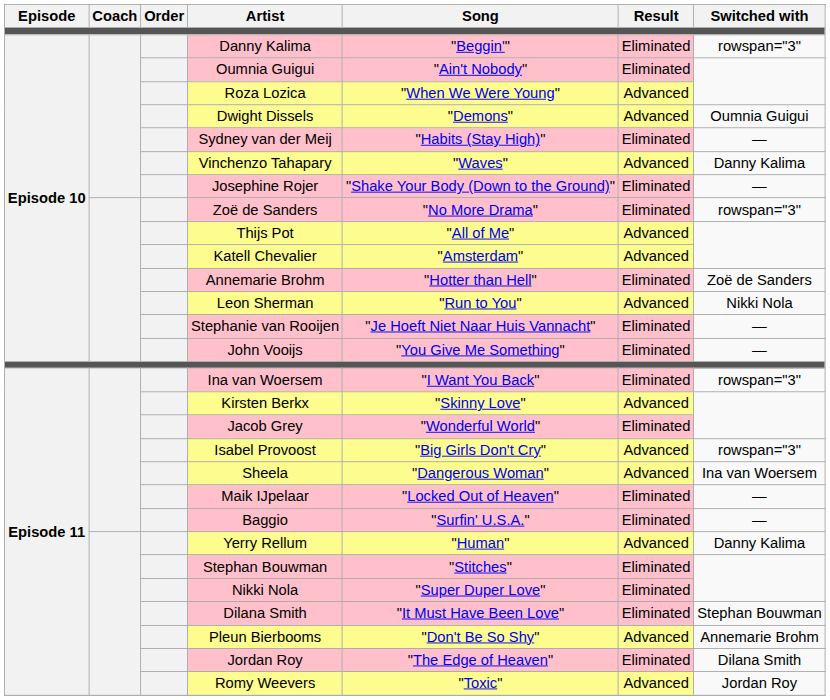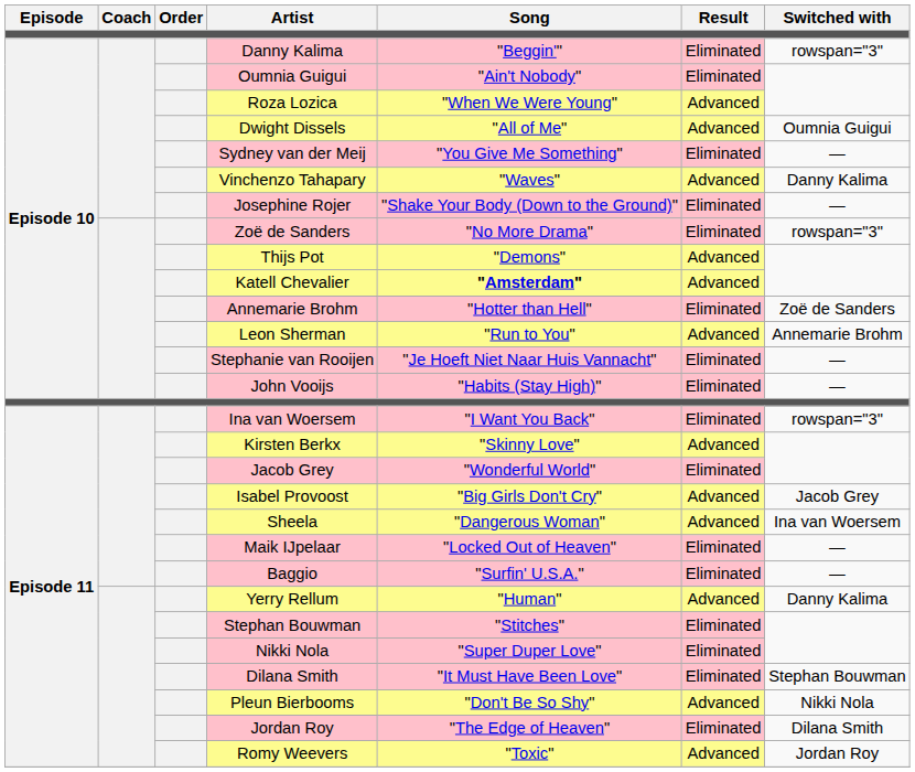 <table class="wikitable plainrowheaders" style="text-align: center;">
 <tr>
 <th scope="col">Episode</th>
 <th>Coach</th>
 <th>Order</th>
 <th>Artist</th>
 <th>Song</th>
 <th>Result</th>
 <th>Switched with</th>
 </tr>
 <tr>
 <td colspan="12" style="background:#555;"></td>
 </tr>
 <tr>
 <th rowspan="14">Episode 10<br><small></small></th>
 <th rowspan="7" scope="row"></th>
 <th scope="row"></th>
 <td style="background:pink;">Danny Kalima</td>
 <td style="background:pink;">"<a href='#'>Beggin'</a>"</td>
 <td style="background:pink;">Eliminated</td>
 <td>rowspan="3" </td>
 </tr>
 <tr>
 <th scope="row"></th>
 <td style="background:pink;">Oumnia Guigui</td>
 <td style="background:pink;">"<a href='#'>Ain't Nobody</a>"</td>
 <td style="background:pink;">Eliminated</td>
 </tr>
 <tr>
 <th scope="row"></th>
 <td style="background:#fdfc8f;">Roza Lozica</td>
 <td style="background:#fdfc8f;">"<a href='#'>When We Were Young</a>"</td>
 <td style="background:#fdfc8f;">Advanced</td>
 </tr>
 <tr>
 <th scope="row"></th>
 <td style="background:#fdfc8f;">Dwight Dissels</td>
-<td style="background:#fdfc8f;">"<a href='#'>Demons</a>"</td>
+<td style="background:#fdfc8f;">"<a href='#'>All of Me</a>"</td>
 <td style="background:#fdfc8f;">Advanced</td>
 <td>Oumnia Guigui</td>
 </tr>
 <tr>
 <th scope="row"></th>
 <td style="background:pink;">Sydney van der Meij</td>
-<td style="background:pink;">"<a href='#'>Habits (Stay High)</a>"</td>
+<td style="background:pink;">"<a href='#'>You Give Me Something</a>"</td>
 <td style="background:pink;">Eliminated</td>
 <td>—</td>
 </tr>
 <tr>
 <th scope="row"></th>
 <td style="background:#fdfc8f;">Vinchenzo Tahapary</td>
 <td style="background:#fdfc8f;">"<a href='#'>Waves</a>"</td>
 <td style="background:#fdfc8f;">Advanced</td>
 <td>Danny Kalima</td>
 </tr>
 <tr>
 <th scope="row"></th>
 <td style="background:pink;">Josephine Rojer</td>
 <td style="background:pink;">"<a href='#'>Shake Your Body (Down to the Ground)</a>"</td>
 <td style="background:pink;">Eliminated</td>
 <td>—</td>
 </tr>
 <tr>
 <th rowspan="7" scope="row"></th>
 <th scope="row"></th>
 <td style="background:pink;">Zoë de Sanders</td>
 <td style="background:pink;">"<a href='#'>No More Drama</a>"</td>
 <td style="background:pink;">Eliminated</td>
 <td>rowspan="3" </td>
 </tr>
 <tr>
 <th scope="row"></th>
 <td style="background:#fdfc8f;">Thijs Pot</td>
-<td style="background:#fdfc8f;">"<a href='#'>All of Me</a>"</td>
+<td style="background:#fdfc8f;">"<a href='#'>Demons</a>"</td>
 <td style="background:#fdfc8f;">Advanced</td>
 </tr>
 <tr>
 <th scope="row"></th>
 <td style="background:#fdfc8f;">Katell Chevalier</td>
-<td style="background:#fdfc8f;">"<a href='#'>Amsterdam</a>"</td>
+<td style="background:#fdfc8f;"><strong>"<a href='#'>Amsterdam</a>"</strong></td>
 <td style="background:#fdfc8f;">Advanced</td>
 </tr>
 <tr>
 <th scope="row"></th>
 <td style="background:pink;">Annemarie Brohm</td>
 <td style="background:pink;">"<a href='#'>Hotter than Hell</a>"</td>
 <td style="background:pink;">Eliminated</td>
 <td>Zoë de Sanders</td>
 </tr>
 <tr>
 <th scope="row"></th>
 <td style="background:#fdfc8f;">Leon Sherman</td>
 <td style="background:#fdfc8f;">"<a href='#'>Run to You</a>"</td>
 <td style="background:#fdfc8f;">Advanced</td>
-<td>Nikki Nola</td>
+<td>Annemarie Brohm</td>
 </tr>
 <tr>
 <th scope="row"></th>
 <td style="background:pink;">Stephanie van Rooijen</td>
 <td style="background:pink;">"<a href='#'>Je Hoeft Niet Naar Huis Vannacht</a>"</td>
 <td style="background:pink;">Eliminated</td>
 <td>—</td>
 </tr>
 <tr>
 <th scope="row"></th>
 <td style="background:pink;">John Vooijs</td>
-<td style="background:pink;">"<a href='#'>You Give Me Something</a>"</td>
+<td style="background:pink;">"<a href='#'>Habits (Stay High)</a>"</td>
 <td style="background:pink;">Eliminated</td>
 <td>—</td>
 </tr>
 <tr>
 <td colspan="10" style="background:#555;"></td>
 </tr>
 <tr>
 <th rowspan="14">Episode 11<br><small></small></th>
 <th rowspan="7" scope="row"></th>
 <th scope="row"></th>
 <td style="background:pink;">Ina van Woersem</td>
 <td style="background:pink;">"<a href='#'>I Want You Back</a>"</td>
 <td style="background:pink;">Eliminated</td>
 <td>rowspan="3" </td>
 </tr>
 <tr>
 <th scope="row"></th>
 <td style="background:#fdfc8f;">Kirsten Berkx</td>
 <td style="background:#fdfc8f;">"<a href='#'>Skinny Love</a>"</td>
 <td style="background:#fdfc8f;">Advanced</td>
 </tr>
 <tr>
 <th scope="row"></th>
 <td style="background:pink;">Jacob Grey</td>
 <td style="background:pink;">"<a href='#'>Wonderful World</a>"</td>
 <td style="background:pink;">Eliminated</td>
 </tr>
 <tr>
 <th scope="row"></th>
 <td style="background:#fdfc8f;">Isabel Provoost</td>
 <td style="background:#fdfc8f;">"<a href='#'>Big Girls Don't Cry</a>"</td>
 <td style="background:#fdfc8f;">Advanced</td>
-<td>rowspan="3" </td>
+<td>Jacob Grey</td>
 </tr>
 <tr>
 <th scope="row"></th>
 <td style="background:#fdfc8f;">Sheela</td>
 <td style="background:#fdfc8f;">"<a href='#'>Dangerous Woman</a>"</td>
 <td style="background:#fdfc8f;">Advanced</td>
 <td>Ina van Woersem</td>
 </tr>
 <tr>
 <th scope="row"></th>
 <td style="background:pink;">Maik IJpelaar</td>
 <td style="background:pink;">"<a href='#'>Locked Out of Heaven</a>"</td>
 <td style="background:pink;">Eliminated</td>
 <td>—</td>
 </tr>
 <tr>
 <th scope="row"></th>
 <td style="background:pink;">Baggio</td>
 <td style="background:pink;">"<a href='#'>Surfin' U.S.A.</a>"</td>
 <td style="background:pink;">Eliminated</td>
 <td>—</td>
 </tr>
 <tr>
 <th rowspan="7" scope="row"></th>
 <th scope="row"></th>
 <td style="background:#fdfc8f;">Yerry Rellum</td>
 <td style="background:#fdfc8f;">"<a href='#'>Human</a>"</td>
 <td style="background:#fdfc8f;">Advanced</td>
 <td>Danny Kalima</td>
 </tr>
 <tr>
 <th scope="row"></th>
 <td style="background:pink;">Stephan Bouwman</td>
 <td style="background:pink;">"<a href='#'>Stitches</a>"</td>
 <td style="background:pink;">Eliminated</td>
 </tr>
 <tr>
 <th scope="row"></th>
 <td style="background:pink;">Nikki Nola</td>
 <td style="background:pink;">"<a href='#'>Super Duper Love</a>"</td>
 <td style="background:pink;">Eliminated</td>
 </tr>
 <tr>
 <th scope="row"></th>
 <td style="background:pink;">Dilana Smith</td>
 <td style="background:pink;">"<a href='#'>It Must Have Been Love</a>"</td>
 <td style="background:pink;">Eliminated</td>
 <td>Stephan Bouwman</td>
 </tr>
 <tr>
 <th scope="row"></th>
 <td style="background:#fdfc8f;">Pleun Bierbooms</td>
 <td style="background:#fdfc8f;">"<a href='#'>Don't Be So Shy</a>"</td>
 <td style="background:#fdfc8f;">Advanced</td>
-<td>Annemarie Brohm</td>
+<td>Nikki Nola</td>
 </tr>
 <tr>
 <th scope="row"></th>
 <td style="background:pink;">Jordan Roy</td>
 <td style="background:pink;">"<a href='#'>The Edge of Heaven</a>"</td>
 <td style="background:pink;">Eliminated</td>
 <td>Dilana Smith</td>
 </tr>
 <tr>
 <th scope="row"></th>
 <td style="background:#fdfc8f;">Romy Weevers</td>
 <td style="background:#fdfc8f;">"<a href='#'>Toxic</a>"</td>
 <td style="background:#fdfc8f;">Advanced</td>
 <td>Jordan Roy</td>
 </tr>
 <tr>
 </tr>
 </table>
